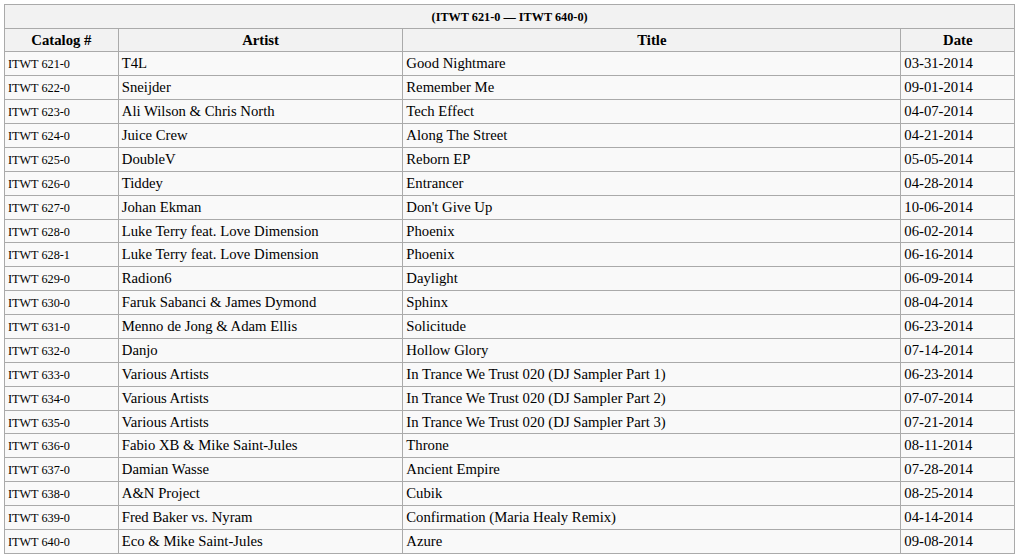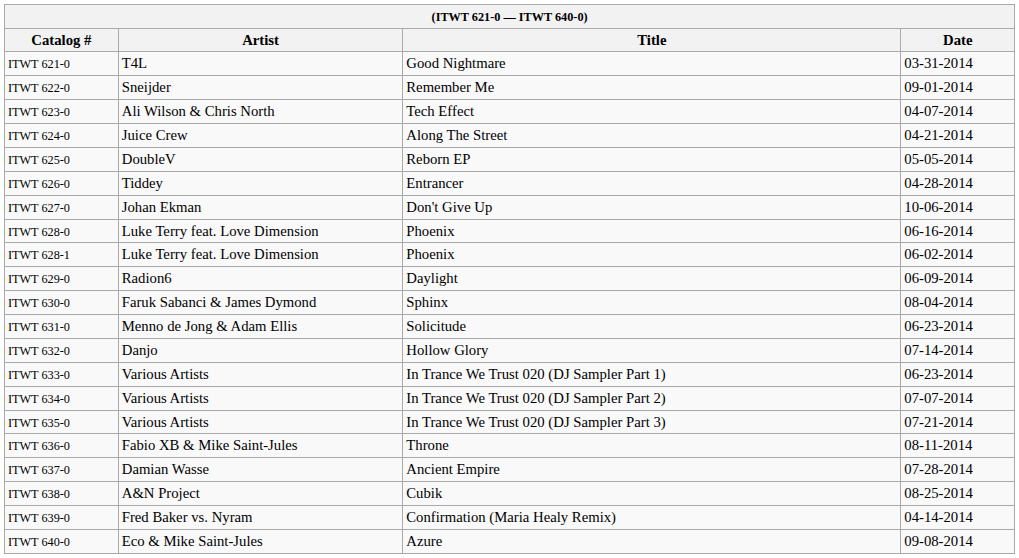 <table width="80%" class="wikitable collapsible collapsed" style="font-size:92%;position:relative;">
 <tr>
 <th colspan="5"><small>(ITWT 621-0 — ITWT 640-0)</small></th>
 </tr>
 <tr>
 <th width="8%">Catalog #</th>
 <th width="20%">Artist</th>
 <th width="35%">Title</th>
 <th width="8%">Date</th>
 </tr>
 <tr>
 <td><small>ITWT 621-0</small></td>
 <td>T4L</td>
 <td>Good Nightmare</td>
 <td>03-31-2014</td>
 </tr>
 <tr>
 <td><small>ITWT 622-0</small></td>
 <td>Sneijder</td>
 <td>Remember Me</td>
 <td>09-01-2014</td>
 </tr>
 <tr>
 <td><small>ITWT 623-0</small></td>
 <td>Ali Wilson & Chris North</td>
 <td>Tech Effect</td>
 <td>04-07-2014</td>
 </tr>
 <tr>
 <td><small>ITWT 624-0</small></td>
 <td>Juice Crew</td>
 <td>Along The Street</td>
 <td>04-21-2014</td>
 </tr>
 <tr>
 <td><small>ITWT 625-0</small></td>
 <td>DoubleV</td>
 <td>Reborn EP</td>
 <td>05-05-2014</td>
 </tr>
 <tr>
 <td><small>ITWT 626-0</small></td>
 <td>Tiddey</td>
 <td>Entrancer</td>
 <td>04-28-2014</td>
 </tr>
 <tr>
 <td><small>ITWT 627-0</small></td>
 <td>Johan Ekman</td>
 <td>Don't Give Up</td>
 <td>10-06-2014</td>
 </tr>
 <tr>
 <td><small>ITWT 628-0</small></td>
 <td>Luke Terry feat. Love Dimension</td>
 <td>Phoenix</td>
-<td>06-02-2014</td>
+<td>06-16-2014</td>
 </tr>
 <tr>
 <td><small>ITWT 628-1</small></td>
 <td>Luke Terry feat. Love Dimension</td>
 <td>Phoenix</td>
-<td>06-16-2014</td>
+<td>06-02-2014</td>
 </tr>
 <tr>
 <td><small>ITWT 629-0</small></td>
 <td>Radion6</td>
 <td>Daylight</td>
 <td>06-09-2014</td>
 </tr>
 <tr>
 <td><small>ITWT 630-0</small></td>
 <td>Faruk Sabanci & James Dymond</td>
 <td>Sphinx</td>
 <td>08-04-2014</td>
 </tr>
 <tr>
 <td><small>ITWT 631-0</small></td>
 <td>Menno de Jong & Adam Ellis</td>
 <td>Solicitude</td>
 <td>06-23-2014</td>
 </tr>
 <tr>
 <td><small>ITWT 632-0</small></td>
 <td>Danjo</td>
 <td>Hollow Glory</td>
 <td>07-14-2014</td>
 </tr>
 <tr>
 <td><small>ITWT 633-0</small></td>
 <td>Various Artists</td>
 <td>In Trance We Trust 020 (DJ Sampler Part 1)</td>
 <td>06-23-2014</td>
 </tr>
 <tr>
 <td><small>ITWT 634-0</small></td>
 <td>Various Artists</td>
 <td>In Trance We Trust 020 (DJ Sampler Part 2)</td>
 <td>07-07-2014</td>
 </tr>
 <tr>
 <td><small>ITWT 635-0</small></td>
 <td>Various Artists</td>
 <td>In Trance We Trust 020 (DJ Sampler Part 3)</td>
 <td>07-21-2014</td>
 </tr>
 <tr>
 <td><small>ITWT 636-0</small></td>
 <td>Fabio XB & Mike Saint-Jules</td>
 <td>Throne</td>
 <td>08-11-2014</td>
 </tr>
 <tr>
 <td><small>ITWT 637-0</small></td>
 <td>Damian Wasse</td>
 <td>Ancient Empire</td>
 <td>07-28-2014</td>
 </tr>
 <tr>
 <td><small>ITWT 638-0</small></td>
 <td>A&N Project</td>
 <td>Cubik</td>
 <td>08-25-2014</td>
 </tr>
 <tr>
 <td><small>ITWT 639-0</small></td>
 <td>Fred Baker vs. Nyram</td>
 <td>Confirmation (Maria Healy Remix)</td>
 <td>04-14-2014</td>
 </tr>
 <tr>
 <td><small>ITWT 640-0</small></td>
 <td>Eco & Mike Saint-Jules</td>
 <td>Azure</td>
 <td>09-08-2014</td>
 </tr>
 <tr>
 </tr>
 </table>
